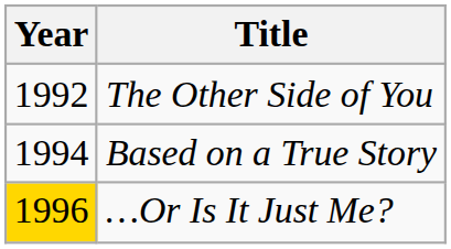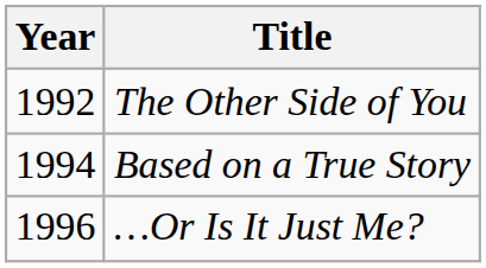 <table class="wikitable">
 <tr>
 <th>Year</th>
 <th>Title</th>
 </tr>
 <tr>
 <td>1992</td>
 <td><em>The Other Side of You</em></td>
 </tr>
 <tr>
 <td>1994</td>
 <td><em>Based on a True Story</em></td>
 </tr>
 <tr>
-<td style="background: gold;">1996</td>
+<td>1996</td>
 <td><em>…Or Is It Just Me?</em></td>
 </tr>
 </table>
